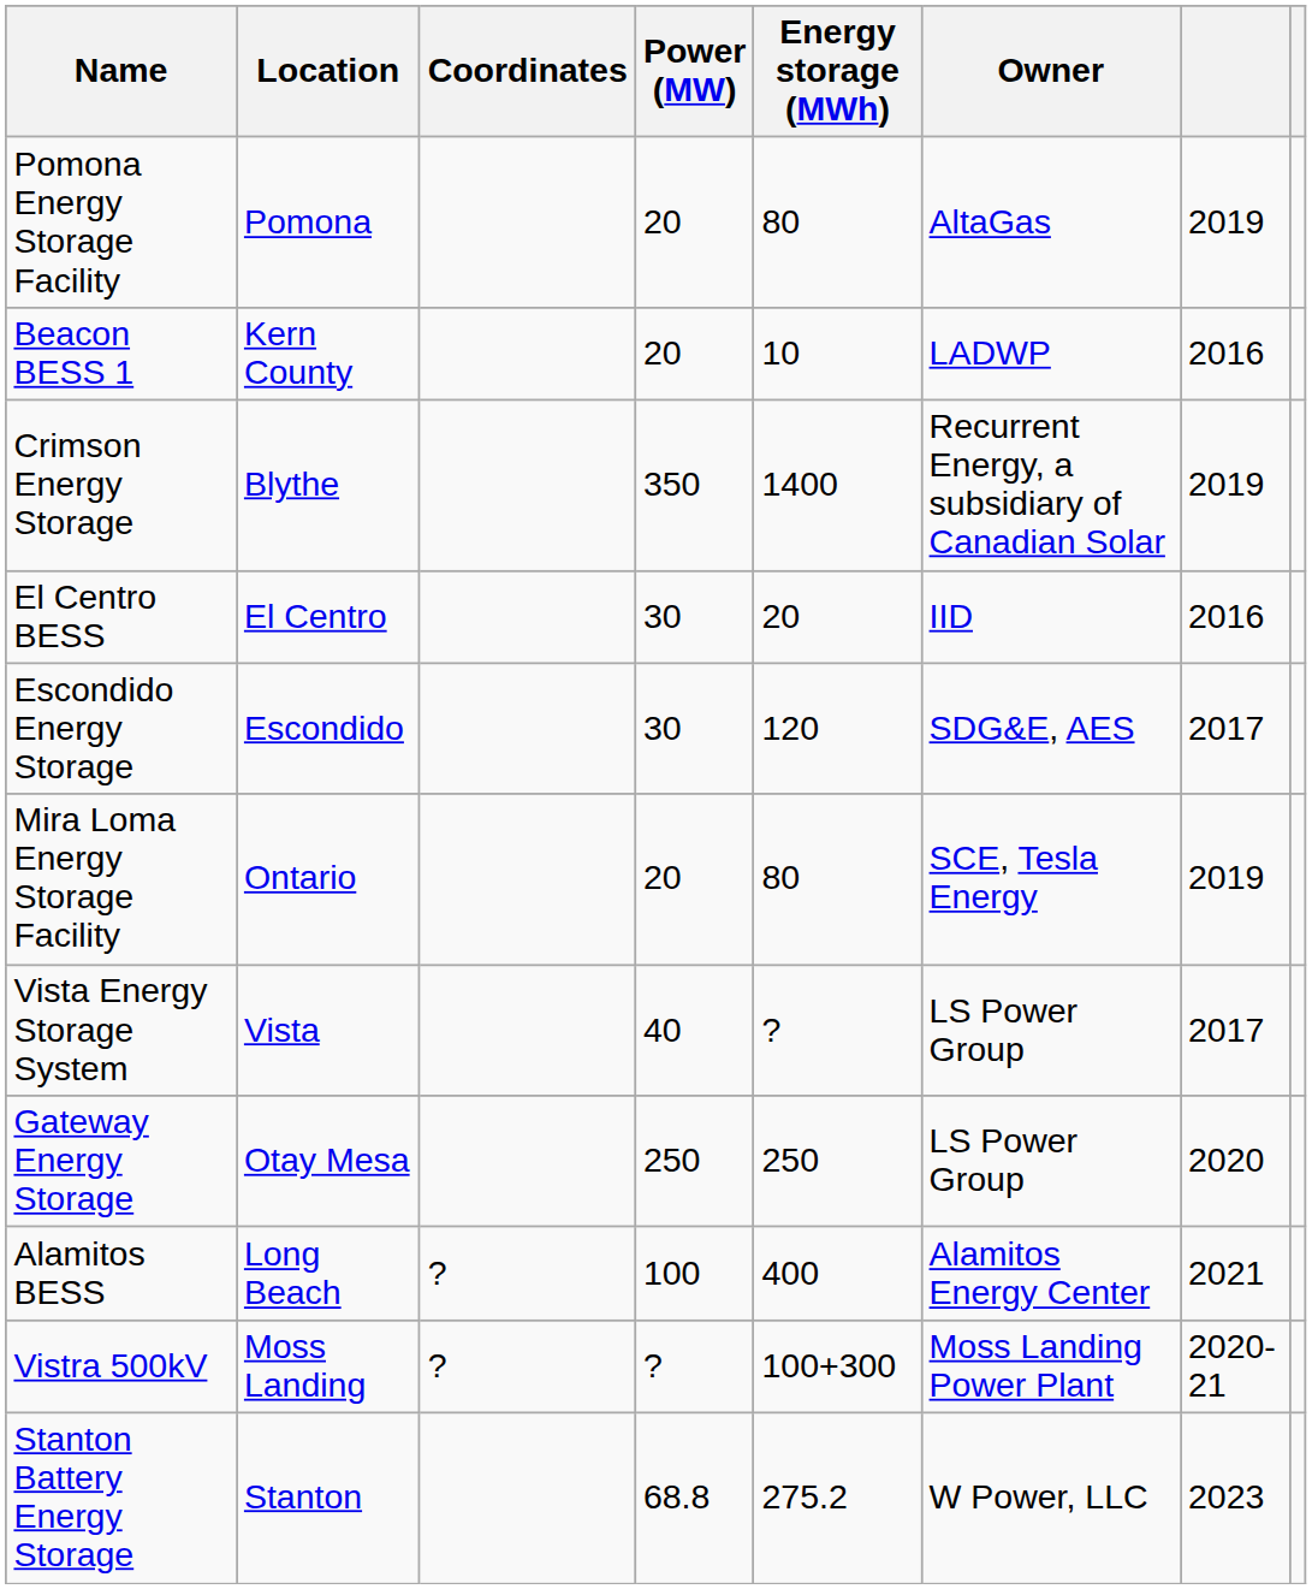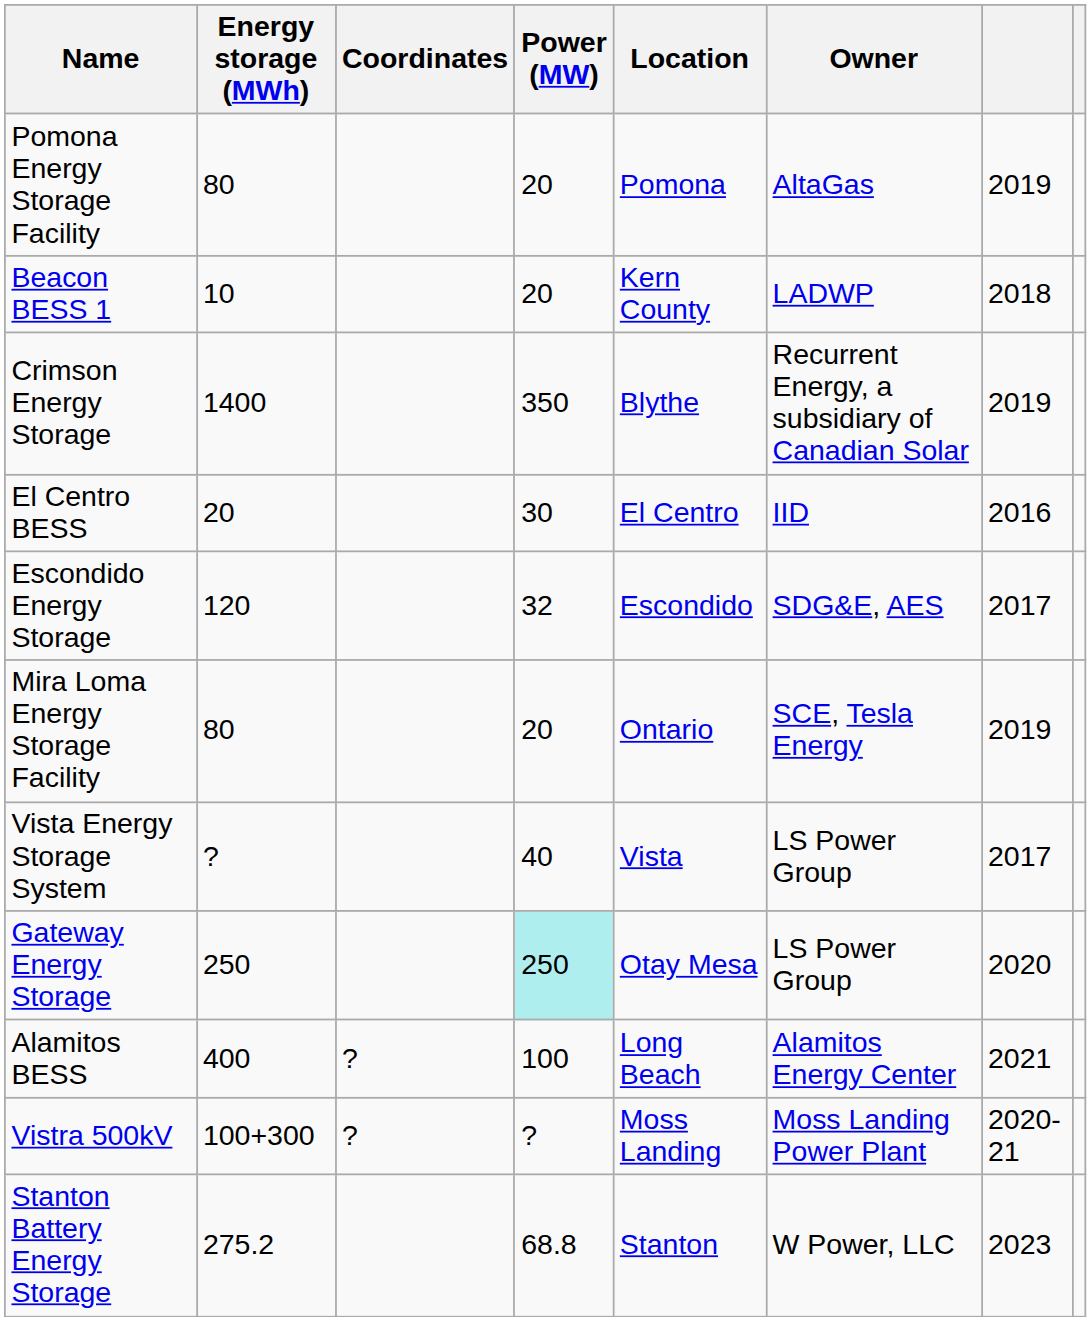 <table class="wikitable sortable">
 <tr>
 <th>Name</th>
-<th>Location</th>
+<th data-sort-type="number">Energy storage<br>(<a href='#'>MWh</a>)</th>
 <th>Coordinates</th>
 <th data-sort-type="number">Power<br>(<a href='#'>MW</a>)</th>
-<th data-sort-type="number">Energy storage<br>(<a href='#'>MWh</a>)</th>
+<th>Location</th>
 <th>Owner</th>
 <th></th>
 <th class="unsortable"></th>
 </tr>
 <tr>
 <td>Pomona Energy Storage Facility</td>
-<td><a href='#'>Pomona</a></td>
+<td>80</td>
 <td></td>
 <td>20</td>
-<td>80</td>
+<td><a href='#'>Pomona</a></td>
 <td><a href='#'>AltaGas</a></td>
 <td>2019</td>
 <td></td>
 </tr>
 <tr>
 <td><a href='#'>Beacon BESS 1</a></td>
-<td><a href='#'>Kern County</a></td>
+<td>10</td>
 <td></td>
 <td>20</td>
-<td>10</td>
+<td><a href='#'>Kern County</a></td>
 <td><a href='#'>LADWP</a></td>
-<td>2016</td>
+<td>2018</td>
 <td></td>
 </tr>
 <tr>
 <td>Crimson Energy Storage</td>
-<td><a href='#'>Blythe</a></td>
+<td>1400</td>
 <td></td>
 <td>350</td>
-<td>1400</td>
+<td><a href='#'>Blythe</a></td>
 <td>Recurrent Energy, a subsidiary of <a href='#'>Canadian Solar</a></td>
 <td>2019</td>
 <td></td>
 </tr>
 <tr>
 <td>El Centro BESS</td>
-<td><a href='#'>El Centro</a></td>
+<td>20</td>
 <td></td>
 <td>30</td>
-<td>20</td>
+<td><a href='#'>El Centro</a></td>
 <td><a href='#'>IID</a></td>
 <td>2016</td>
 <td></td>
 </tr>
 <tr>
 <td>Escondido Energy Storage</td>
+<td>120</td>
+<td></td>
+<td>32</td>
 <td><a href='#'>Escondido</a></td>
-<td></td>
-<td>30</td>
-<td>120</td>
 <td><a href='#'>SDG&E</a>, <a href='#'>AES</a></td>
 <td>2017</td>
 <td></td>
 </tr>
 <tr>
 <td>Mira Loma Energy Storage Facility</td>
-<td><a href='#'>Ontario</a></td>
+<td>80</td>
 <td></td>
 <td>20</td>
-<td>80</td>
+<td><a href='#'>Ontario</a></td>
 <td><a href='#'>SCE</a>, <a href='#'>Tesla Energy</a></td>
 <td>2019</td>
 <td></td>
 </tr>
 <tr>
 <td>Vista Energy Storage System</td>
-<td><a href='#'>Vista</a></td>
+<td>?</td>
 <td></td>
 <td>40</td>
-<td>?</td>
+<td><a href='#'>Vista</a></td>
 <td>LS Power Group</td>
 <td>2017</td>
 <td></td>
 </tr>
 <tr>
 <td><a href='#'>Gateway Energy Storage</a></td>
+<td>250</td>
+<td></td>
+<td style="background: paleturquoise;">250</td>
 <td><a href='#'>Otay Mesa</a></td>
-<td></td>
-<td>250</td>
-<td>250</td>
 <td>LS Power Group</td>
 <td>2020</td>
 <td></td>
 </tr>
 <tr>
 <td>Alamitos BESS</td>
-<td><a href='#'>Long Beach</a></td>
+<td>400</td>
 <td>?</td>
 <td>100</td>
-<td>400</td>
+<td><a href='#'>Long Beach</a></td>
 <td><a href='#'>Alamitos Energy Center</a></td>
 <td>2021</td>
 <td><br> </td>
 </tr>
 <tr>
 <td><a href='#'>Vistra 500kV</a></td>
-<td><a href='#'>Moss Landing</a></td>
+<td>100+300</td>
 <td>?</td>
 <td>?</td>
-<td>100+300</td>
+<td><a href='#'>Moss Landing</a></td>
 <td><a href='#'>Moss Landing Power Plant</a></td>
 <td>2020-21</td>
 <td></td>
 </tr>
 <tr>
 <td><a href='#'>Stanton Battery Energy Storage</a></td>
-<td><a href='#'>Stanton</a></td>
+<td>275.2</td>
 <td></td>
 <td>68.8</td>
-<td>275.2</td>
+<td><a href='#'>Stanton</a></td>
 <td>W Power, LLC</td>
 <td>2023</td>
 <td></td>
 </tr>
 </table>
